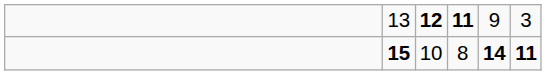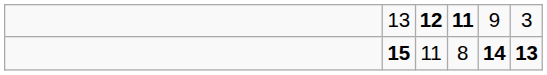 <table class="wikitable">
 <tr>
 <td style="width:18em"></td>
 <td align=center style="width:1em">13</td>
 <td align=center style="width:1em"><strong>12</strong></td>
 <td align=center style="width:1em"><strong>11</strong></td>
 <td align=center style="width:1em">9</td>
 <td align=center style="width:1em">3</td>
 </tr>
 <tr>
 <td style="width:18em"><strong> </strong></td>
 <td align=center style="width:1em"><strong>15</strong></td>
-<td align=center style="width:1em">10</td>
+<td align=center style="width:1em">11</td>
 <td align=center style="width:1em">8</td>
 <td align=center style="width:1em"><strong>14</strong></td>
-<td align=center style="width:1em"><strong>11</strong></td>
+<td align=center style="width:1em"><strong>13</strong></td>
 </tr>
 </table>
